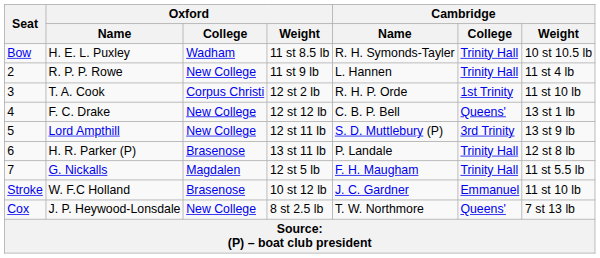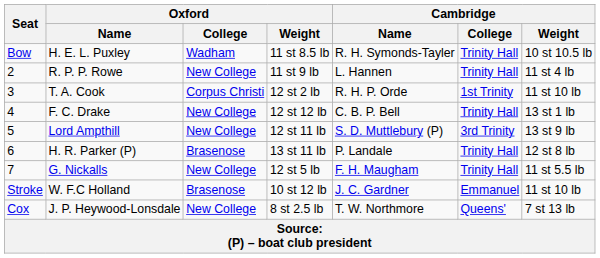 <table class="wikitable">
 <tr>
 <th rowspan="2" scope="col">Seat</th>
 <th colspan="3" scope="col">Oxford <br> </th>
 <th colspan="3" scope="col">Cambridge <br> </th>
 </tr>
 <tr>
 <th>Name</th>
 <th>College</th>
 <th>Weight</th>
 <th>Name</th>
 <th>College</th>
 <th>Weight</th>
 </tr>
 <tr>
 <td><a href='#'>Bow</a></td>
 <td>H. E. L. Puxley</td>
 <td><a href='#'>Wadham</a></td>
 <td>11 st 8.5 lb</td>
 <td>R. H. Symonds-Tayler</td>
 <td><a href='#'>Trinity Hall</a></td>
 <td>10 st 10.5 lb</td>
 </tr>
 <tr>
 <td>2</td>
 <td>R. P. P.  Rowe</td>
 <td><a href='#'>New College</a></td>
 <td>11 st 9 lb</td>
 <td>L. Hannen</td>
 <td><a href='#'>Trinity Hall</a></td>
 <td>11 st 4 lb</td>
 </tr>
 <tr>
 <td>3</td>
 <td>T. A. Cook</td>
 <td><a href='#'>Corpus Christi</a></td>
 <td>12 st 2 lb</td>
 <td>R. H. P. Orde</td>
 <td><a href='#'>1st Trinity</a></td>
 <td>11 st 10 lb</td>
 </tr>
 <tr>
 <td>4</td>
 <td>F. C. Drake</td>
 <td><a href='#'>New College</a></td>
 <td>12 st 12 lb</td>
 <td>C. B. P. Bell</td>
-<td><a href='#'>Queens'</a></td>
+<td><a href='#'>Trinity Hall</a></td>
 <td>13 st 1 lb</td>
 </tr>
 <tr>
 <td>5</td>
 <td><a href='#'>Lord Ampthill</a></td>
 <td><a href='#'>New College</a></td>
 <td>12 st 11 lb</td>
 <td><a href='#'>S. D. Muttlebury</a> (P)</td>
 <td><a href='#'>3rd Trinity</a></td>
 <td>13 st 9 lb</td>
 </tr>
 <tr>
 <td>6</td>
 <td>H. R. Parker (P)</td>
 <td><a href='#'>Brasenose</a></td>
 <td>13 st 11 lb</td>
 <td>P. Landale</td>
 <td><a href='#'>Trinity Hall</a></td>
 <td>12 st 8 lb</td>
 </tr>
 <tr>
 <td>7</td>
 <td><a href='#'>G. Nickalls</a></td>
-<td><a href='#'>Magdalen</a></td>
+<td><a href='#'>New College</a></td>
 <td>12 st 5 lb</td>
 <td><a href='#'>F. H. Maugham</a></td>
 <td><a href='#'>Trinity Hall</a></td>
 <td>11 st 5.5 lb</td>
 </tr>
 <tr>
 <td><a href='#'>Stroke</a></td>
 <td>W. F.C Holland</td>
 <td><a href='#'>Brasenose</a></td>
 <td>10 st 12 lb</td>
 <td><a href='#'>J. C. Gardner</a></td>
 <td><a href='#'>Emmanuel</a></td>
 <td>11 st 10 lb</td>
 </tr>
 <tr>
 <td><a href='#'>Cox</a></td>
 <td>J. P. Heywood-Lonsdale</td>
 <td><a href='#'>New College</a></td>
 <td>8 st 2.5 lb</td>
 <td>T. W. Northmore</td>
 <td><a href='#'>Queens'</a></td>
 <td>7 st 13 lb</td>
 </tr>
 <tr>
 <th colspan="7">Source:<br>(P) – boat club president</th>
 </tr>
 </table>
